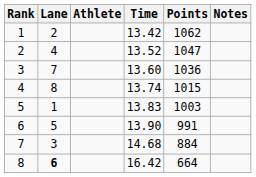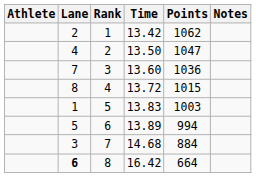 <table class="wikitable sortable" style="text-align:center">
 <tr>
+<th>Athlete</th>
+<th>Lane</th>
 <th>Rank</th>
-<th>Lane</th>
-<th>Athlete</th>
 <th>Time</th>
 <th>Points</th>
 <th>Notes</th>
 </tr>
 <tr>
+<td align="left"></td>
+<td>2</td>
 <td>1</td>
-<td>2</td>
-<td align="left"></td>
 <td>13.42</td>
 <td>1062</td>
 <td></td>
 </tr>
 <tr>
+<td align="left"></td>
+<td>4</td>
 <td>2</td>
-<td>4</td>
-<td align="left"></td>
-<td>13.52</td>
+<td>13.50</td>
 <td>1047</td>
 <td></td>
 </tr>
 <tr>
+<td align="left"></td>
+<td>7</td>
 <td>3</td>
-<td>7</td>
-<td align="left"></td>
 <td>13.60</td>
 <td>1036</td>
 <td></td>
 </tr>
 <tr>
+<td align="left"></td>
+<td>8</td>
 <td>4</td>
-<td>8</td>
-<td align="left"></td>
-<td>13.74</td>
+<td>13.72</td>
 <td>1015</td>
 <td></td>
 </tr>
 <tr>
+<td align="left"></td>
+<td>1</td>
 <td>5</td>
-<td>1</td>
-<td align="left"></td>
 <td>13.83</td>
 <td>1003</td>
 <td></td>
 </tr>
 <tr>
+<td align="left"></td>
+<td>5</td>
 <td>6</td>
-<td>5</td>
-<td align="left"></td>
-<td>13.90</td>
-<td>991</td>
+<td>13.89</td>
+<td>994</td>
 <td></td>
 </tr>
 <tr>
+<td align="left"></td>
+<td>3</td>
 <td>7</td>
-<td>3</td>
-<td align="left"></td>
 <td>14.68</td>
 <td>884</td>
 <td></td>
 </tr>
 <tr>
+<td align="left"></td>
+<td><strong>6</strong></td>
 <td>8</td>
-<td><strong>6</strong></td>
-<td align="left"></td>
 <td>16.42</td>
 <td>664</td>
 <td></td>
 </tr>
 </table>
